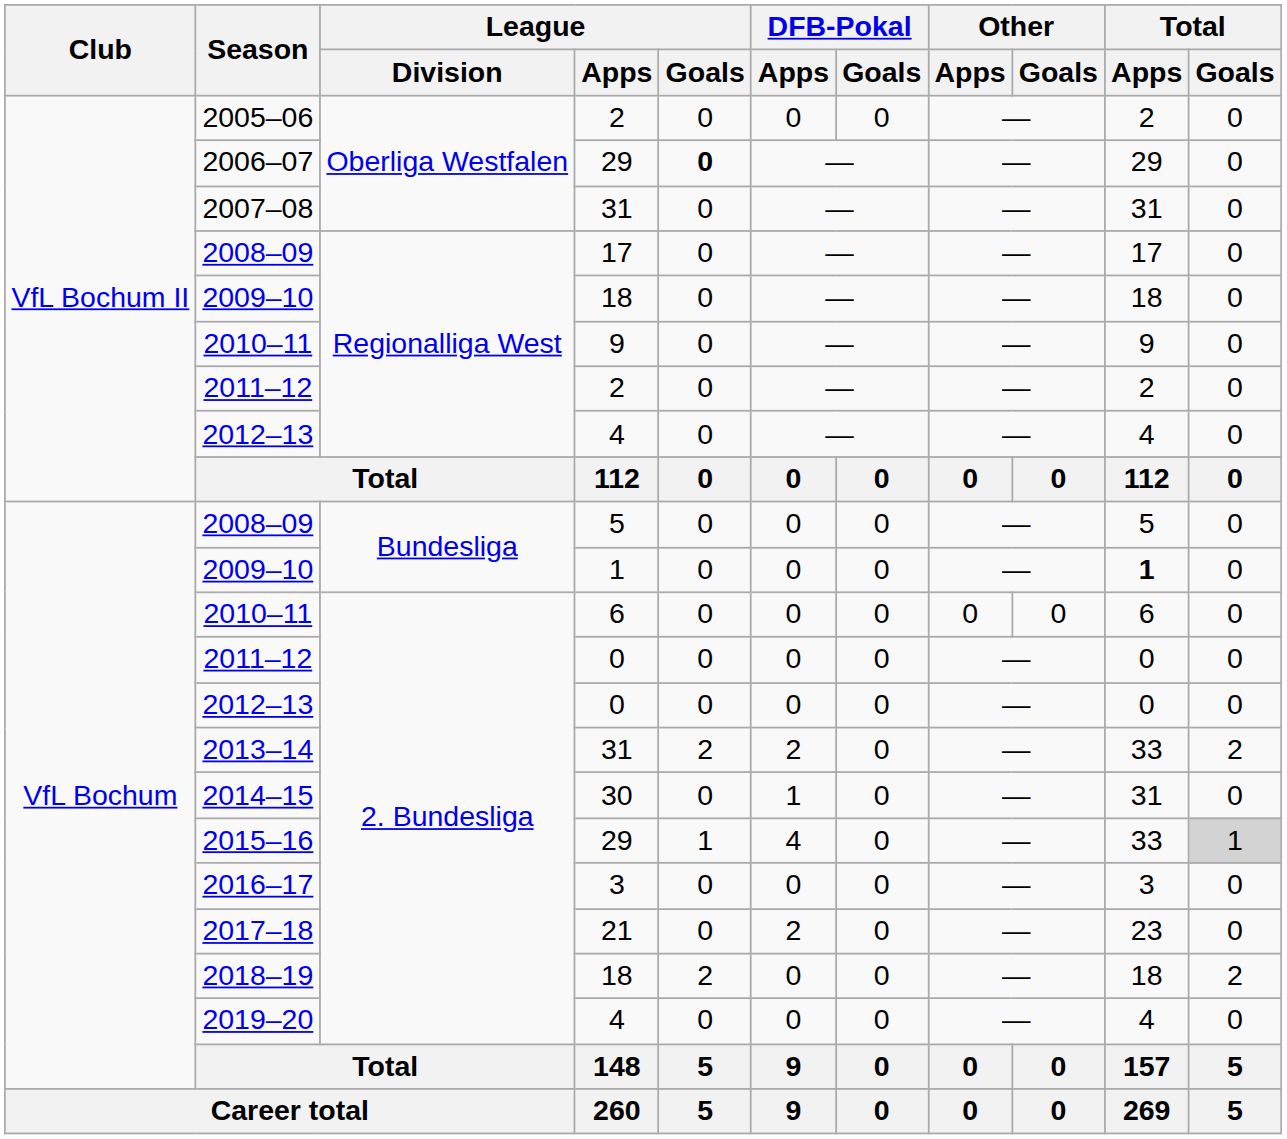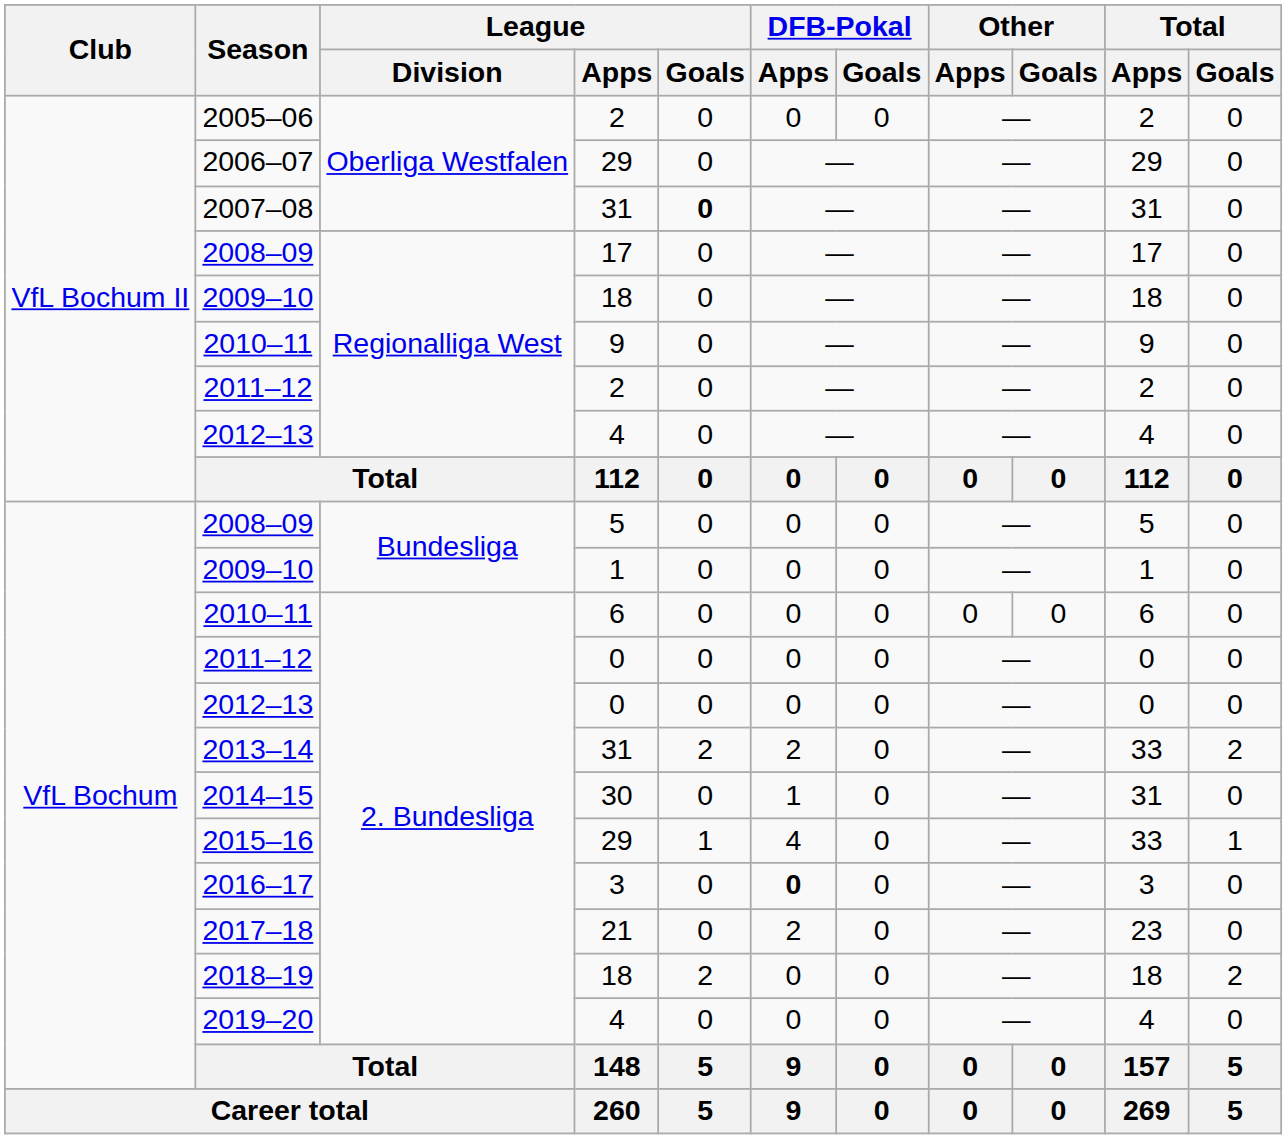 <table class="wikitable" style="text-align:center">
 <tr>
 <th rowspan="2">Club</th>
 <th rowspan="2">Season</th>
 <th colspan="3">League</th>
 <th colspan="2"><a href='#'>DFB-Pokal</a></th>
 <th colspan="2">Other</th>
 <th colspan="2">Total</th>
 </tr>
 <tr>
 <th>Division</th>
 <th>Apps</th>
 <th>Goals</th>
 <th>Apps</th>
 <th>Goals</th>
 <th>Apps</th>
 <th>Goals</th>
 <th>Apps</th>
 <th>Goals</th>
 </tr>
 <tr>
 <td rowspan="9"><a href='#'>VfL Bochum II</a></td>
 <td>2005–06</td>
 <td rowspan="3"><a href='#'>Oberliga&nbsp;Westfalen</a></td>
 <td>2</td>
 <td>0</td>
 <td>0</td>
 <td>0</td>
 <td colspan="2">—</td>
 <td>2</td>
 <td>0</td>
 </tr>
 <tr>
 <td>2006–07</td>
 <td>29</td>
-<td><strong>0</strong></td>
+<td>0</td>
 <td colspan="2">—</td>
 <td colspan="2">—</td>
 <td>29</td>
 <td>0</td>
 </tr>
 <tr>
 <td>2007–08</td>
 <td>31</td>
-<td>0</td>
+<td><strong>0</strong></td>
 <td colspan="2">—</td>
 <td colspan="2">—</td>
 <td>31</td>
 <td>0</td>
 </tr>
 <tr>
 <td><a href='#'>2008–09</a></td>
 <td rowspan="5"><a href='#'>Regionalliga&nbsp;West</a></td>
 <td>17</td>
 <td>0</td>
 <td colspan="2">—</td>
 <td colspan="2">—</td>
 <td>17</td>
 <td>0</td>
 </tr>
 <tr>
 <td><a href='#'>2009–10</a></td>
 <td>18</td>
 <td>0</td>
 <td colspan="2">—</td>
 <td colspan="2">—</td>
 <td>18</td>
 <td>0</td>
 </tr>
 <tr>
 <td><a href='#'>2010–11</a></td>
 <td>9</td>
 <td>0</td>
 <td colspan="2">—</td>
 <td colspan="2">—</td>
 <td>9</td>
 <td>0</td>
 </tr>
 <tr>
 <td><a href='#'>2011–12</a></td>
 <td>2</td>
 <td>0</td>
 <td colspan="2">—</td>
 <td colspan="2">—</td>
 <td>2</td>
 <td>0</td>
 </tr>
 <tr>
 <td><a href='#'>2012–13</a></td>
 <td>4</td>
 <td>0</td>
 <td colspan="2">—</td>
 <td colspan="2">—</td>
 <td>4</td>
 <td>0</td>
 </tr>
 <tr>
 <th colspan="2">Total</th>
 <th>112</th>
 <th>0</th>
 <th>0</th>
 <th>0</th>
 <th>0</th>
 <th>0</th>
 <th>112</th>
 <th>0</th>
 </tr>
 <tr>
 <td rowspan="13"><a href='#'>VfL Bochum</a></td>
 <td><a href='#'>2008–09</a></td>
 <td rowspan="2"><a href='#'>Bundesliga</a></td>
 <td>5</td>
 <td>0</td>
 <td>0</td>
 <td>0</td>
 <td colspan="2">—</td>
 <td>5</td>
 <td>0</td>
 </tr>
 <tr>
 <td><a href='#'>2009–10</a></td>
 <td>1</td>
 <td>0</td>
 <td>0</td>
 <td>0</td>
 <td colspan="2">—</td>
-<td><strong>1</strong></td>
+<td>1</td>
 <td>0</td>
 </tr>
 <tr>
 <td><a href='#'>2010–11</a></td>
 <td rowspan="10"><a href='#'>2.&nbsp;Bundesliga</a></td>
 <td>6</td>
 <td>0</td>
 <td>0</td>
 <td>0</td>
 <td>0</td>
 <td>0</td>
 <td>6</td>
 <td>0</td>
 </tr>
 <tr>
 <td><a href='#'>2011–12</a></td>
 <td>0</td>
 <td>0</td>
 <td>0</td>
 <td>0</td>
 <td colspan="2">—</td>
 <td>0</td>
 <td>0</td>
 </tr>
 <tr>
 <td><a href='#'>2012–13</a></td>
 <td>0</td>
 <td>0</td>
 <td>0</td>
 <td>0</td>
 <td colspan="2">—</td>
 <td>0</td>
 <td>0</td>
 </tr>
 <tr>
 <td><a href='#'>2013–14</a></td>
 <td>31</td>
 <td>2</td>
 <td>2</td>
 <td>0</td>
 <td colspan="2">—</td>
 <td>33</td>
 <td>2</td>
 </tr>
 <tr>
 <td><a href='#'>2014–15</a></td>
 <td>30</td>
 <td>0</td>
 <td>1</td>
 <td>0</td>
 <td colspan="2">—</td>
 <td>31</td>
 <td>0</td>
 </tr>
 <tr>
 <td><a href='#'>2015–16</a></td>
 <td>29</td>
 <td>1</td>
 <td>4</td>
 <td>0</td>
 <td colspan="2">—</td>
 <td>33</td>
-<td style="background: lightgrey;">1</td>
+<td>1</td>
 </tr>
 <tr>
 <td><a href='#'>2016–17</a></td>
 <td>3</td>
 <td>0</td>
-<td>0</td>
+<td><strong>0</strong></td>
 <td>0</td>
 <td colspan="2">—</td>
 <td>3</td>
 <td>0</td>
 </tr>
 <tr>
 <td><a href='#'>2017–18</a></td>
 <td>21</td>
 <td>0</td>
 <td>2</td>
 <td>0</td>
 <td colspan="2">—</td>
 <td>23</td>
 <td>0</td>
 </tr>
 <tr>
 <td><a href='#'>2018–19</a></td>
 <td>18</td>
 <td>2</td>
 <td>0</td>
 <td>0</td>
 <td colspan="2">—</td>
 <td>18</td>
 <td>2</td>
 </tr>
 <tr>
 <td><a href='#'>2019–20</a></td>
 <td>4</td>
 <td>0</td>
 <td>0</td>
 <td>0</td>
 <td colspan="2">—</td>
 <td>4</td>
 <td>0</td>
 </tr>
 <tr>
 <th colspan="2">Total</th>
 <th>148</th>
 <th>5</th>
 <th>9</th>
 <th>0</th>
 <th>0</th>
 <th>0</th>
 <th>157</th>
 <th>5</th>
 </tr>
 <tr>
 <th colspan="3">Career total</th>
 <th>260</th>
 <th>5</th>
 <th>9</th>
 <th>0</th>
 <th>0</th>
 <th>0</th>
 <th>269</th>
 <th>5</th>
 </tr>
 </table>
